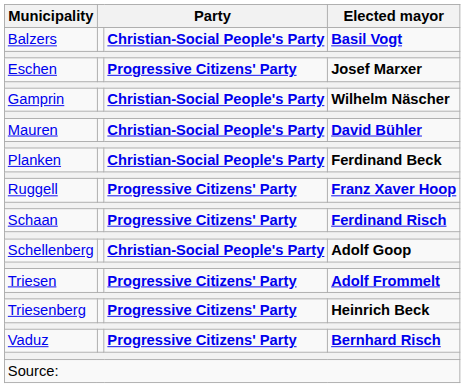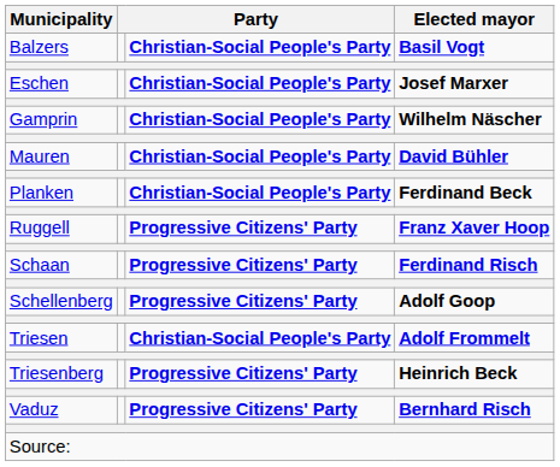 <table class="wikitable" style="text-align:right">
 <tr>
 <th>Municipality</th>
 <th colspan="2">Party</th>
 <th>Elected mayor</th>
 </tr>
 <tr>
 <td align="left"><a href='#'>Balzers</a></td>
 <td style="color:inherit;background:"></td>
 <td align="left"><a href='#'><strong>Christian-Social People's Party</strong></a></td>
 <td align="left"><strong><a href='#'>Basil Vogt</a></strong></td>
 </tr>
 <tr>
 <th colspan="4"></th>
 </tr>
 <tr>
 <td align="left"><a href='#'>Eschen</a></td>
 <td style="color:inherit;background:"></td>
-<td align="left"><strong><a href='#'>Progressive Citizens' Party</a></strong></td>
+<td align="left"><a href='#'><strong>Christian-Social People's Party</strong></a></td>
 <td align="left"><strong>Josef Marxer</strong></td>
 </tr>
 <tr>
 <th colspan="4"></th>
 </tr>
 <tr>
 <td align="left"><a href='#'>Gamprin</a></td>
 <td style="color:inherit;background:"></td>
 <td align="left"><a href='#'><strong>Christian-Social People's Party</strong></a></td>
 <td align="left"><strong>Wilhelm Näscher</strong></td>
 </tr>
 <tr>
 <th colspan="4"></th>
 </tr>
 <tr>
 <td align="left"><a href='#'>Mauren</a></td>
 <td style="color:inherit;background:"></td>
 <td align="left"><a href='#'><strong>Christian-Social People's Party</strong></a></td>
 <td align="left"><strong><a href='#'>David Bühler</a></strong></td>
 </tr>
 <tr>
 <th colspan="4"></th>
 </tr>
 <tr>
 <td align="left"><a href='#'>Planken</a></td>
 <td style="color:inherit;background:"></td>
 <td align="left"><a href='#'><strong>Christian-Social People's Party</strong></a></td>
 <td align="left"><strong>Ferdinand Beck</strong></td>
 </tr>
 <tr>
 <th colspan="4"></th>
 </tr>
 <tr>
 <td align="left"><a href='#'>Ruggell</a></td>
 <td style="color:inherit;background:"></td>
 <td align="left"><strong><a href='#'>Progressive Citizens' Party</a></strong></td>
 <td align="left"><strong><a href='#'>Franz Xaver Hoop</a></strong></td>
 </tr>
 <tr>
 <th colspan="4"></th>
 </tr>
 <tr>
 <td align="left"><a href='#'>Schaan</a></td>
 <td style="color:inherit;background:"></td>
 <td align="left"><strong><a href='#'>Progressive Citizens' Party</a></strong></td>
 <td align="left"><strong><a href='#'>Ferdinand Risch</a></strong></td>
 </tr>
 <tr>
 <th colspan="4"></th>
 </tr>
 <tr>
 <td align="left"><a href='#'>Schellenberg</a></td>
 <td style="color:inherit;background:"></td>
-<td align="left"><a href='#'><strong>Christian-Social People's Party</strong></a></td>
+<td align="left"><strong><a href='#'>Progressive Citizens' Party</a></strong></td>
 <td align="left"><strong>Adolf Goop</strong></td>
 </tr>
 <tr>
 <th colspan="4"></th>
 </tr>
 <tr>
 <td align="left"><a href='#'>Triesen</a></td>
 <td style="color:inherit;background:"></td>
-<td align="left"><strong><a href='#'>Progressive Citizens' Party</a></strong></td>
+<td align="left"><a href='#'><strong>Christian-Social People's Party</strong></a></td>
 <td align="left"><strong><a href='#'>Adolf Frommelt</a></strong></td>
 </tr>
 <tr>
 <th colspan="4"></th>
 </tr>
 <tr>
 <td align="left"><a href='#'>Triesenberg</a></td>
 <td style="color:inherit;background:"></td>
 <td align="left"><strong><a href='#'>Progressive Citizens' Party</a></strong></td>
 <td align="left"><strong>Heinrich Beck</strong></td>
 </tr>
 <tr>
 <th colspan="4"></th>
 </tr>
 <tr>
 <td align="left"><a href='#'>Vaduz</a></td>
 <td style="color:inherit;background:"></td>
 <td align="left"><strong><a href='#'>Progressive Citizens' Party</a></strong></td>
 <td align="left"><strong><a href='#'>Bernhard Risch</a></strong></td>
 </tr>
 <tr>
 <th colspan="4"></th>
 </tr>
 <tr>
 <td colspan="4" align="left">Source: </td>
 </tr>
 </table>
